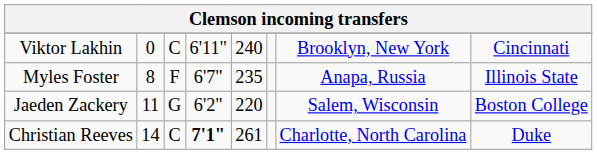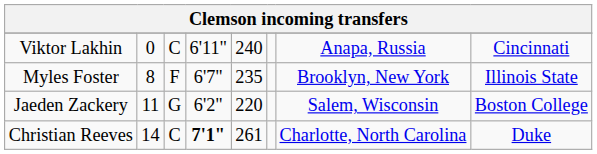 <table class="wikitable sortable" border="1" style="text-align: center;">
 <tr>
 <th colspan=8>Clemson incoming transfers</th>
 </tr>
 <tr align=center>
 </tr>
 <tr>
 <td>Viktor Lakhin</td>
 <td>0</td>
 <td>C</td>
 <td>6'11"</td>
 <td>240</td>
 <td></td>
-<td><a href='#'>Brooklyn, New York</a></td>
+<td><a href='#'>Anapa, Russia</a></td>
 <td><a href='#'>Cincinnati</a></td>
 </tr>
 <tr>
 <td>Myles Foster</td>
 <td>8</td>
 <td>F</td>
 <td>6'7"</td>
 <td>235</td>
 <td></td>
-<td><a href='#'>Anapa, Russia</a></td>
+<td><a href='#'>Brooklyn, New York</a></td>
 <td><a href='#'>Illinois State</a></td>
 </tr>
 <tr>
 <td>Jaeden Zackery</td>
 <td>11</td>
 <td>G</td>
 <td>6'2"</td>
 <td>220</td>
 <td></td>
 <td><a href='#'>Salem, Wisconsin</a></td>
 <td><a href='#'>Boston College</a></td>
 </tr>
 <tr>
 <td>Christian Reeves</td>
 <td>14</td>
 <td>C</td>
 <td><strong>7'1"</strong></td>
 <td>261</td>
 <td></td>
 <td><a href='#'>Charlotte, North Carolina</a></td>
 <td><a href='#'>Duke</a></td>
 </tr>
 </table>
